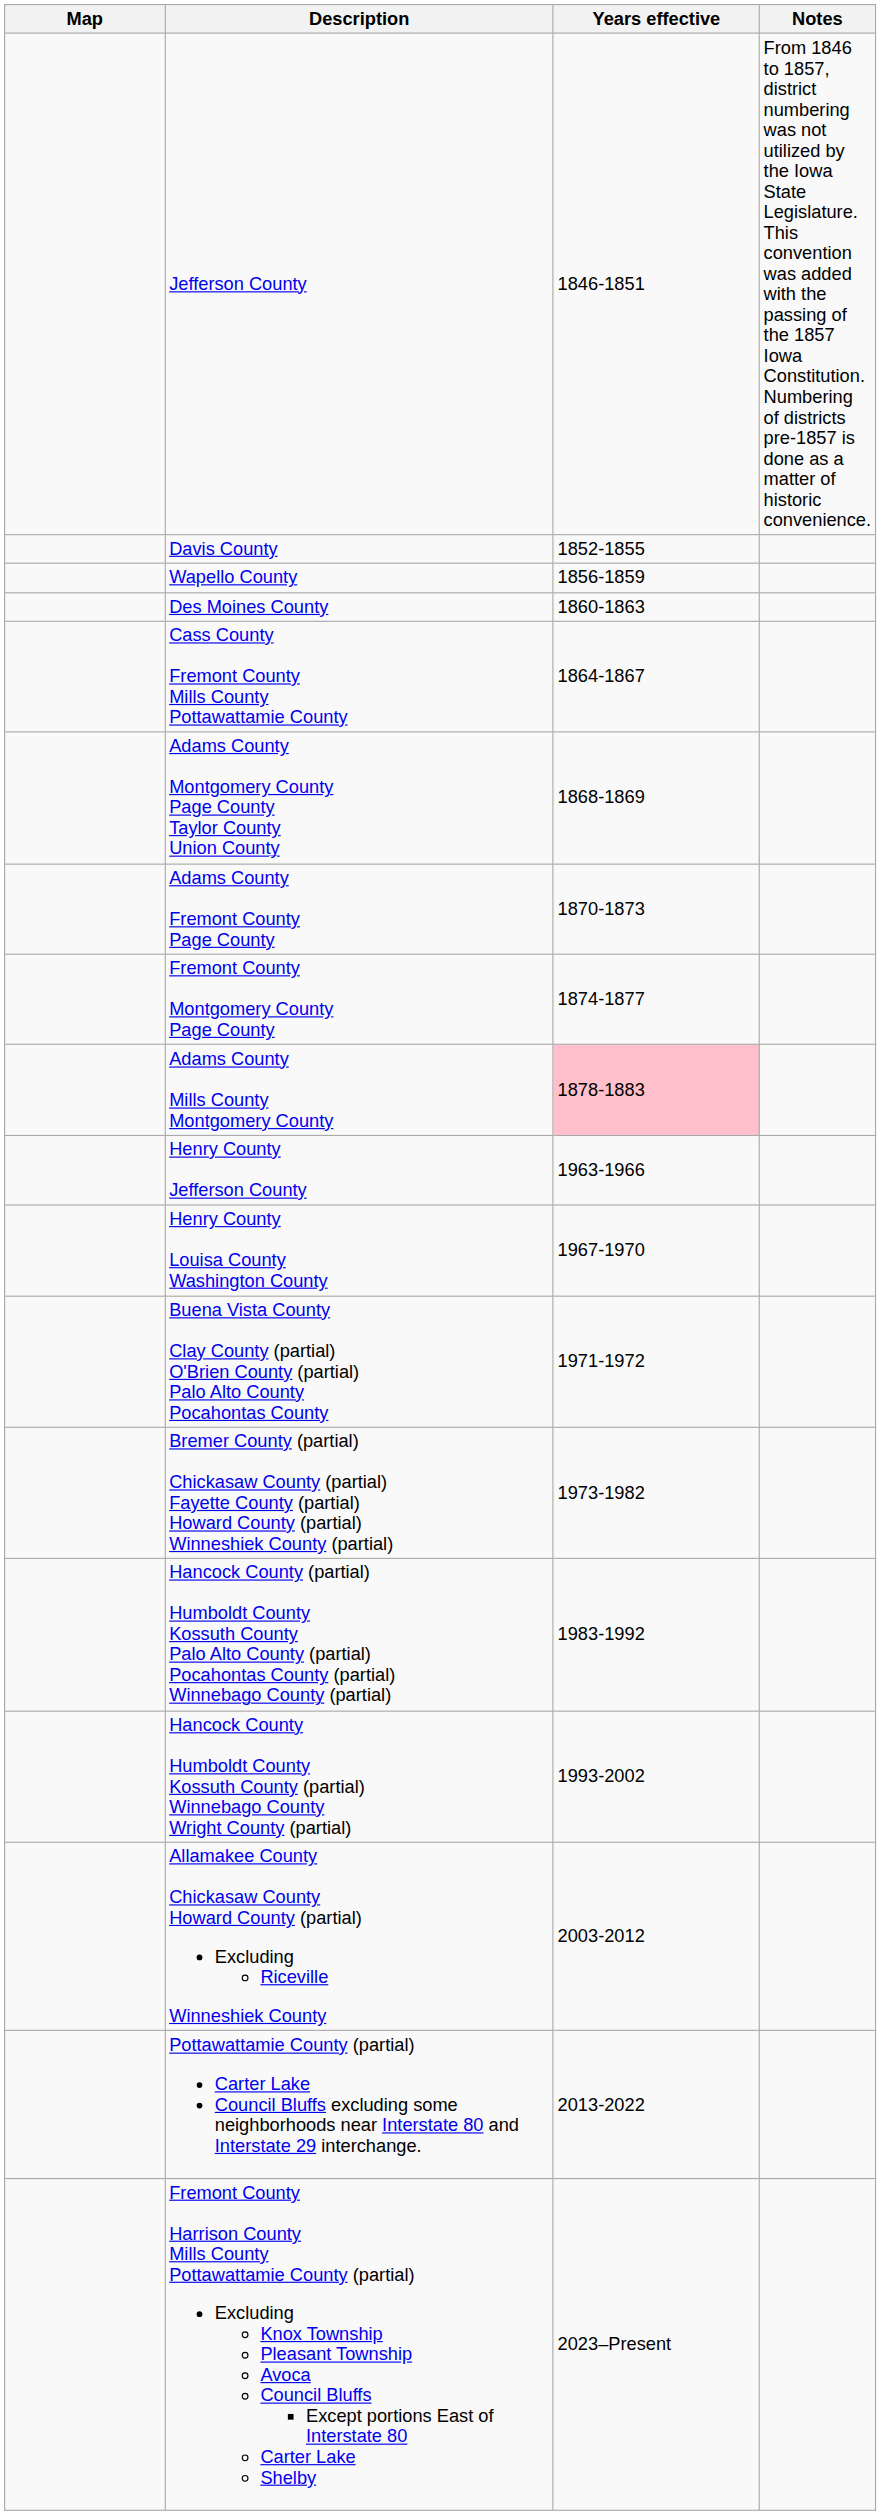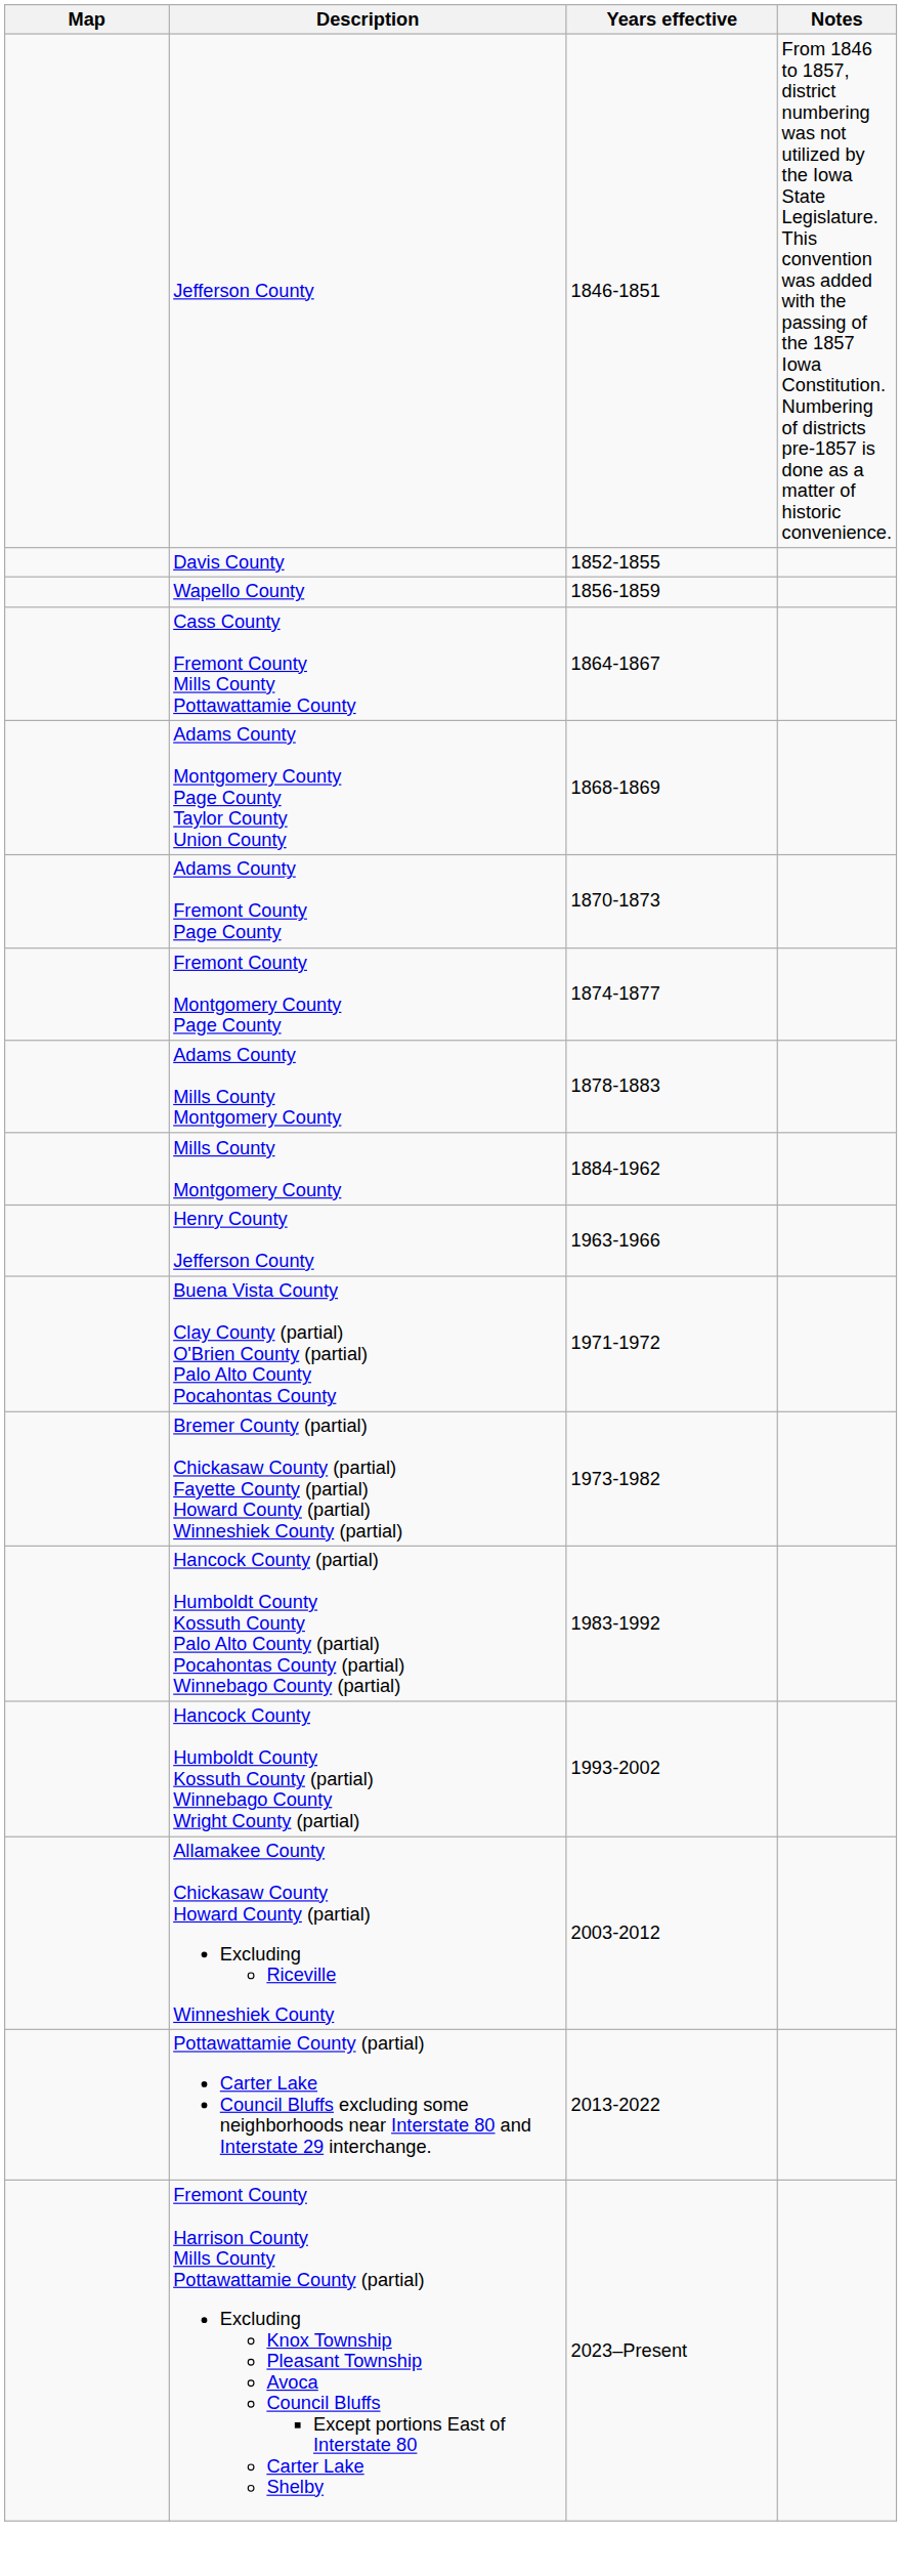 <table class="wikitable sortable">
 <tr>
 <th style="width:100pt;">Map</th>
 <th style="width:250pt;">Description</th>
 <th style="width:130pt;">Years effective</th>
 <th style="width:15pt;">Notes</th>
 </tr>
 <tr>
 <td></td>
 <td><a href='#'>Jefferson County</a></td>
 <td>1846-1851</td>
 <td>From 1846 to 1857, district numbering was not utilized by the Iowa State Legislature. This convention was added with the passing of the 1857 Iowa Constitution. Numbering of districts pre-1857 is done as a matter of historic convenience.</td>
 </tr>
 <tr>
 <td></td>
 <td><a href='#'>Davis County</a></td>
 <td>1852-1855</td>
 <td></td>
 </tr>
 <tr>
 <td></td>
 <td><a href='#'>Wapello County</a></td>
 <td>1856-1859</td>
-<td></td>
-</tr>
-<tr>
-<td></td>
-<td><a href='#'>Des Moines County</a></td>
-<td>1860-1863</td>
 <td></td>
 </tr>
 <tr>
 <td></td>
 <td><a href='#'>Cass County</a><br><br><a href='#'>Fremont County</a><br><a href='#'>Mills County</a><br> <a href='#'>Pottawattamie County</a></td>
 <td>1864-1867</td>
 <td></td>
 </tr>
 <tr>
 <td></td>
 <td><a href='#'>Adams County</a><br><br><a href='#'>Montgomery County</a><br> <a href='#'>Page County</a><br> <a href='#'>Taylor County</a><br> <a href='#'>Union County</a></td>
 <td>1868-1869</td>
 <td></td>
 </tr>
 <tr>
 <td></td>
 <td><a href='#'>Adams County</a><br><br><a href='#'>Fremont County</a><br> <a href='#'>Page County</a></td>
 <td>1870-1873</td>
 <td></td>
 </tr>
 <tr>
 <td></td>
 <td><a href='#'>Fremont County</a><br><br><a href='#'>Montgomery County</a><br> <a href='#'>Page County</a></td>
 <td>1874-1877</td>
 <td></td>
 </tr>
 <tr>
 <td></td>
 <td><a href='#'>Adams County</a><br><br><a href='#'>Mills County</a><br> <a href='#'>Montgomery County</a></td>
-<td style="background: pink;">1878-1883</td>
+<td>1878-1883</td>
+<td></td>
+</tr>
+<tr>
+<td></td>
+<td><a href='#'>Mills County</a><br><br><a href='#'>Montgomery County</a></td>
+<td>1884-1962</td>
 <td></td>
 </tr>
 <tr>
 <td></td>
 <td><a href='#'>Henry County</a><br><br><a href='#'>Jefferson County</a></td>
 <td>1963-1966</td>
-<td></td>
-</tr>
-<tr>
-<td></td>
-<td><a href='#'>Henry County</a><br><br><a href='#'>Louisa County</a><br> <a href='#'>Washington County</a></td>
-<td>1967-1970</td>
 <td></td>
 </tr>
 <tr>
 <td></td>
 <td><a href='#'>Buena Vista County</a><br><br><a href='#'>Clay County</a> (partial)<br> <a href='#'>O'Brien County</a> (partial)<br> <a href='#'>Palo Alto County</a><br> <a href='#'>Pocahontas County</a></td>
 <td>1971-1972</td>
 <td></td>
 </tr>
 <tr>
 <td></td>
 <td><a href='#'>Bremer County</a> (partial)<br><br><a href='#'>Chickasaw County</a> (partial)<br> <a href='#'>Fayette County</a> (partial)<br> <a href='#'>Howard County</a> (partial)<br> <a href='#'>Winneshiek County</a> (partial)</td>
 <td>1973-1982</td>
 <td></td>
 </tr>
 <tr>
 <td></td>
 <td><a href='#'>Hancock County</a> (partial)<br><br><a href='#'>Humboldt County</a><br> <a href='#'>Kossuth County</a><br> <a href='#'>Palo Alto County</a> (partial)<br> <a href='#'>Pocahontas County</a> (partial)<br> <a href='#'>Winnebago County</a> (partial)</td>
 <td>1983-1992</td>
 <td></td>
 </tr>
 <tr>
 <td></td>
 <td><a href='#'>Hancock County</a> <br><br><a href='#'>Humboldt County</a><br> <a href='#'>Kossuth County</a> (partial)<br> <a href='#'>Winnebago County</a><br> <a href='#'>Wright County</a> (partial)</td>
 <td>1993-2002</td>
 <td></td>
 </tr>
 <tr>
 <td></td>
 <td><a href='#'>Allamakee County</a><br><br><a href='#'>Chickasaw County</a><br> <a href='#'>Howard County</a> (partial)<ul><li>Excluding<ul><li><a href='#'>Riceville</a></li></ul></li></ul><a href='#'>Winneshiek County</a></td>
 <td>2003-2012</td>
 <td></td>
 </tr>
 <tr>
 <td></td>
 <td><a href='#'>Pottawattamie County</a> (partial)<br><ul><li><a href='#'>Carter Lake</a></li><li><a href='#'>Council Bluffs</a> excluding some neighborhoods near <a href='#'>Interstate 80</a> and <a href='#'>Interstate 29</a> interchange.</li></ul></td>
 <td>2013-2022</td>
 <td></td>
 </tr>
 <tr>
 <td></td>
 <td><a href='#'>Fremont County</a><br><br><a href='#'>Harrison County</a><br> <a href='#'>Mills County</a><br> <a href='#'>Pottawattamie County</a> (partial)<ul><li>Excluding<ul><li><a href='#'>Knox Township</a></li><li><a href='#'>Pleasant Township</a></li><li><a href='#'>Avoca</a></li><li><a href='#'>Council Bluffs</a><ul><li>Except portions East of <a href='#'>Interstate 80</a></li></ul></li><li><a href='#'>Carter Lake</a></li><li><a href='#'>Shelby</a></li></ul></li></ul></td>
 <td>2023–Present</td>
 <td></td>
 </tr>
 </table>
